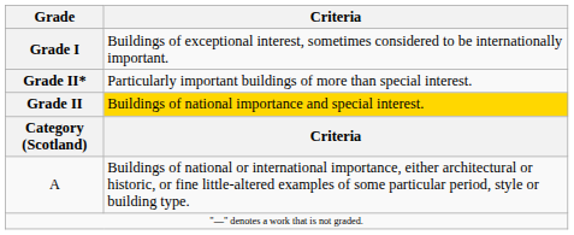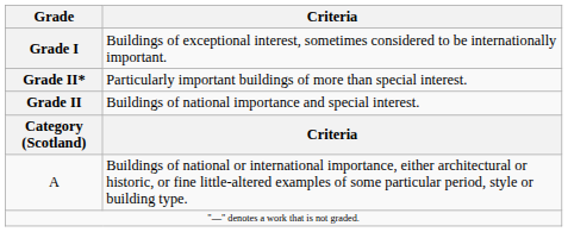 <table class="wikitable" border="1">
 <tr>
 <th>Grade</th>
 <th>Criteria</th>
 </tr>
 <tr>
 <th>Grade I</th>
 <td>Buildings of exceptional interest, sometimes considered to be internationally important.</td>
 </tr>
 <tr>
 <th>Grade II*</th>
 <td>Particularly important buildings of more than special interest.</td>
 </tr>
 <tr>
 <th>Grade II</th>
-<td style="background: gold;">Buildings of national importance and special interest.</td>
+<td>Buildings of national importance and special interest.</td>
 </tr>
 <tr>
 <th>Category (Scotland)</th>
 <th>Criteria</th>
 </tr>
 <tr>
 <td align="center" >A</td>
 <td>Buildings of national or international importance, either architectural or historic, or fine little-altered examples of some particular period, style or building type.</td>
 </tr>
 <tr>
 <td align="center" colspan="14" style="font-size: 8pt">"—" denotes a work that is not graded.</td>
 </tr>
 </table>
